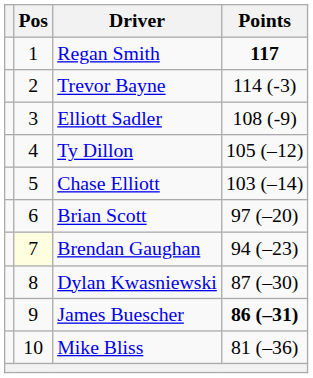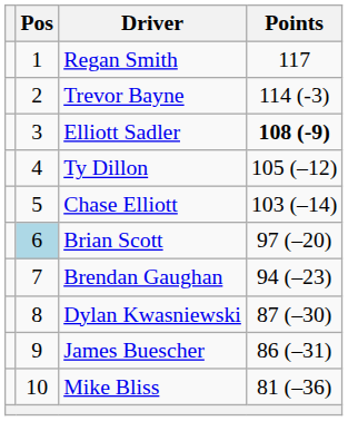 <table class="wikitable" style="font-size: 95%;">
 <tr>
 <th></th>
 <th>Pos</th>
 <th>Driver</th>
 <th>Points</th>
 </tr>
 <tr>
 <td align="left"></td>
 <td style="text-align:center;">1</td>
 <td><a href='#'>Regan Smith</a></td>
-<td style="text-align:center;"><strong>117</strong></td>
+<td style="text-align:center;">117</td>
 </tr>
 <tr>
 <td align="left"></td>
 <td style="text-align:center;">2</td>
 <td><a href='#'>Trevor Bayne</a></td>
 <td style="text-align:center;">114 (-3)</td>
 </tr>
 <tr>
 <td align="left"></td>
 <td style="text-align:center;">3</td>
 <td><a href='#'>Elliott Sadler</a></td>
-<td style="text-align:center;">108 (-9)</td>
+<td style="text-align:center;"><strong>108 (-9)</strong></td>
 </tr>
 <tr>
 <td align="left"></td>
 <td style="text-align:center;">4</td>
 <td><a href='#'>Ty Dillon</a></td>
 <td style="text-align:center;">105 (–12)</td>
 </tr>
 <tr>
 <td align="left"></td>
 <td style="text-align:center;">5</td>
 <td><a href='#'>Chase Elliott</a></td>
 <td style="text-align:center;">103 (–14)</td>
 </tr>
 <tr>
 <td align="left"></td>
-<td style="text-align:center;">6</td>
+<td style="background: lightblue; text-align:center;">6</td>
 <td><a href='#'>Brian Scott</a></td>
 <td style="text-align:center;">97 (–20)</td>
 </tr>
 <tr>
 <td align="left"></td>
-<td style="background: lightyellow; text-align:center;">7</td>
+<td style="text-align:center;">7</td>
 <td><a href='#'>Brendan Gaughan</a></td>
 <td style="text-align:center;">94 (–23)</td>
 </tr>
 <tr>
 <td align="left"></td>
 <td style="text-align:center;">8</td>
 <td><a href='#'>Dylan Kwasniewski</a></td>
 <td style="text-align:center;">87 (–30)</td>
 </tr>
 <tr>
 <td align="left"></td>
 <td style="text-align:center;">9</td>
 <td><a href='#'>James Buescher</a></td>
-<td style="text-align:center;"><strong>86 (–31)</strong></td>
+<td style="text-align:center;">86 (–31)</td>
 </tr>
 <tr>
 <td align="left"></td>
 <td style="text-align:center;">10</td>
 <td><a href='#'>Mike Bliss</a></td>
 <td style="text-align:center;">81 (–36)</td>
 </tr>
 <tr class="sortbottom">
 <th colspan="9"></th>
 </tr>
 </table>
